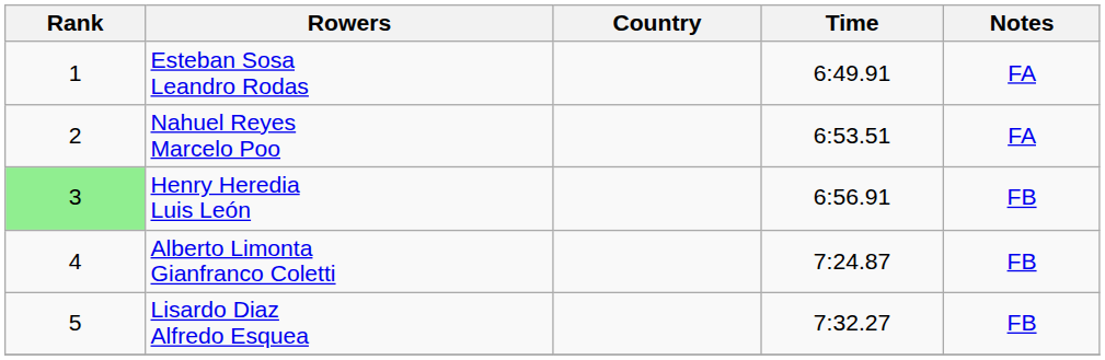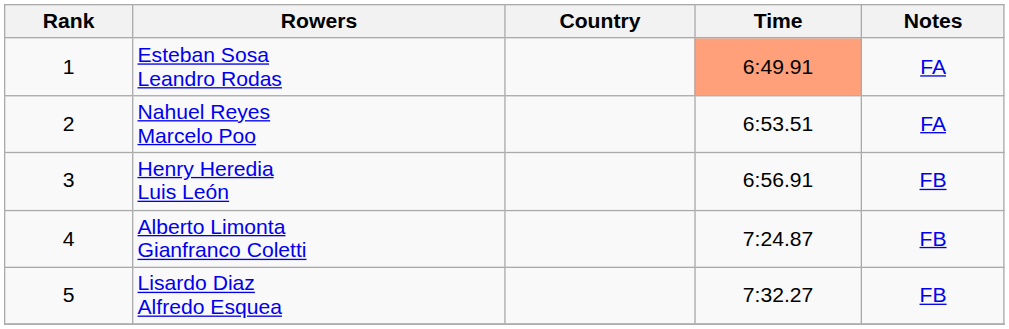 <table class="wikitable" width=60% style="text-align:center">
 <tr>
 <th>Rank</th>
 <th>Rowers</th>
 <th>Country</th>
 <th>Time</th>
 <th>Notes</th>
 </tr>
 <tr>
 <td>1</td>
 <td align=left><a href='#'>Esteban Sosa</a><br><a href='#'>Leandro Rodas</a></td>
 <td align=left></td>
-<td>6:49.91</td>
+<td style="background: lightsalmon;">6:49.91</td>
 <td><a href='#'>FA</a></td>
 </tr>
 <tr>
 <td>2</td>
 <td align=left><a href='#'>Nahuel Reyes</a><br><a href='#'>Marcelo Poo</a></td>
 <td align=left></td>
 <td>6:53.51</td>
 <td><a href='#'>FA</a></td>
 </tr>
 <tr>
-<td style="background: lightgreen;">3</td>
+<td>3</td>
 <td align=left><a href='#'>Henry Heredia</a><br><a href='#'>Luis León</a></td>
 <td align=left></td>
 <td>6:56.91</td>
 <td><a href='#'>FB</a></td>
 </tr>
 <tr>
 <td>4</td>
 <td align=left><a href='#'>Alberto Limonta</a><br><a href='#'>Gianfranco Coletti</a></td>
 <td align=left></td>
 <td>7:24.87</td>
 <td><a href='#'>FB</a></td>
 </tr>
 <tr>
 <td>5</td>
 <td align=left><a href='#'>Lisardo Diaz</a><br><a href='#'>Alfredo Esquea</a></td>
 <td align=left></td>
 <td>7:32.27</td>
 <td><a href='#'>FB</a></td>
 </tr>
 <tr>
 </tr>
 </table>
